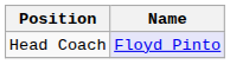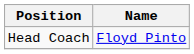 <table class="wikitable">
 <tr>
 <th>Position</th>
 <th>Name</th>
 </tr>
 <tr>
 <td>Head Coach</td>
-<td style="background: lavender;"> <a href='#'>Floyd Pinto</a></td>
+<td> <a href='#'>Floyd Pinto</a></td>
 </tr>
 <tr>
 </tr>
 </table>
